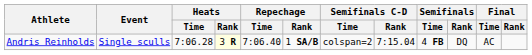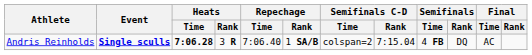 <table class="wikitable" style="font-size:90%">
 <tr>
 <th rowspan="2">Athlete</th>
 <th rowspan="2">Event</th>
 <th colspan="2">Heats</th>
 <th colspan="2">Repechage</th>
 <th colspan="2">Semifinals C-D</th>
 <th colspan="2">Semifinals</th>
 <th colspan="2">Final</th>
 </tr>
 <tr style="font-size:95%">
 <th>Time</th>
 <th>Rank</th>
 <th>Time</th>
 <th>Rank</th>
 <th>Time</th>
 <th>Rank</th>
 <th>Time</th>
 <th>Rank</th>
 <th>Time</th>
 <th>Rank</th>
 </tr>
 <tr align=center>
 <td align=left><a href='#'>Andris Reinholds</a></td>
-<td align=left><a href='#'>Single sculls</a></td>
-<td>7:06.28</td>
-<td style="background: lightyellow;">3 <strong>R</strong></td>
+<td align=left><strong><a href='#'>Single sculls</a></strong></td>
+<td><strong>7:06.28</strong></td>
+<td>3 <strong>R</strong></td>
 <td>7:06.40</td>
 <td>1 <strong>SA/B</strong></td>
 <td>colspan=2 </td>
 <td>7:15.04</td>
 <td>4 <strong>FB</strong></td>
 <td>DQ</td>
 <td>AC</td>
 </tr>
 </table>
